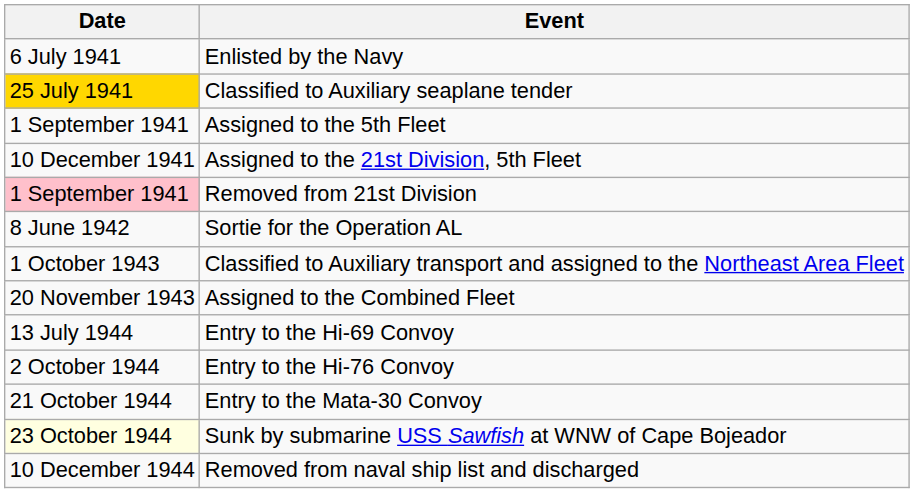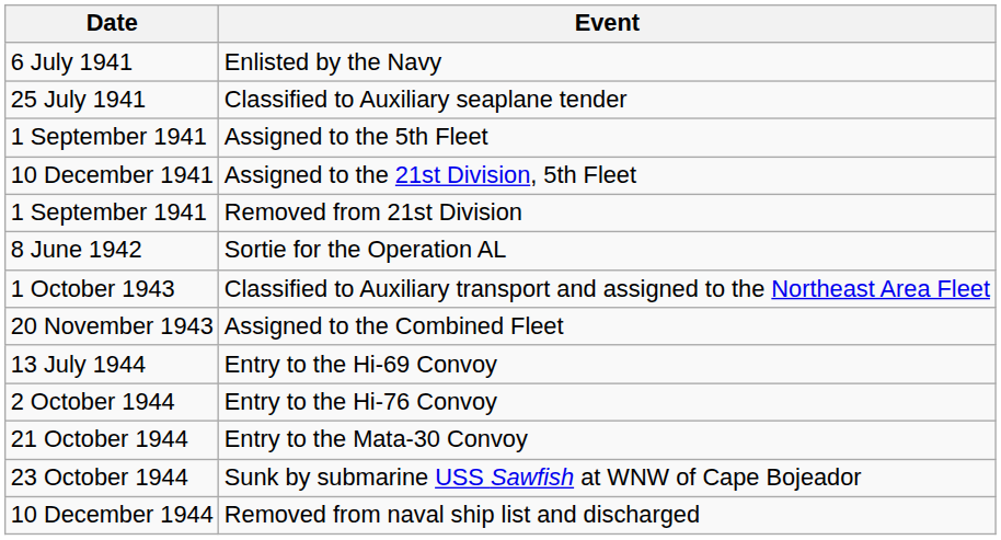 <table class="wikitable plainrowheaders">
 <tr>
 <th scope="col">Date</th>
 <th scope="col">Event</th>
 </tr>
 <tr>
 <td>6 July 1941</td>
 <td>Enlisted by the Navy</td>
 </tr>
 <tr>
-<td style="background: gold;">25 July 1941</td>
+<td>25 July 1941</td>
 <td>Classified to Auxiliary seaplane tender</td>
 </tr>
 <tr>
 <td>1 September 1941</td>
 <td>Assigned to the 5th Fleet</td>
 </tr>
 <tr>
 <td>10 December 1941</td>
 <td>Assigned to the <a href='#'>21st Division</a>, 5th Fleet</td>
 </tr>
 <tr>
-<td style="background: pink;">1 September 1941</td>
+<td>1 September 1941</td>
 <td>Removed from 21st Division</td>
 </tr>
 <tr>
 <td>8 June 1942</td>
 <td>Sortie for the Operation AL</td>
 </tr>
 <tr>
 <td>1 October 1943</td>
 <td>Classified to Auxiliary transport and assigned to the <a href='#'>Northeast Area Fleet</a></td>
 </tr>
 <tr>
 <td>20 November 1943</td>
 <td>Assigned to the Combined Fleet</td>
 </tr>
 <tr>
 <td>13 July 1944</td>
 <td>Entry to the Hi-69 Convoy</td>
 </tr>
 <tr>
 <td>2 October 1944</td>
 <td>Entry to the Hi-76 Convoy</td>
 </tr>
 <tr>
 <td>21 October 1944</td>
 <td>Entry to the Mata-30 Convoy</td>
 </tr>
 <tr>
-<td style="background: lightyellow;">23 October 1944</td>
+<td>23 October 1944</td>
 <td>Sunk by submarine <a href='#'>USS <em>Sawfish</em></a> at WNW of Cape Bojeador </td>
 </tr>
 <tr>
 <td>10 December 1944</td>
 <td>Removed from naval ship list and discharged</td>
 </tr>
 </table>
